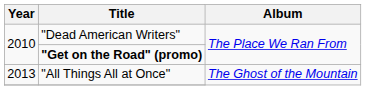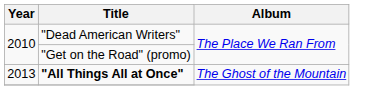 <table class="wikitable">
 <tr>
 <th>Year</th>
 <th>Title</th>
 <th>Album</th>
 </tr>
 <tr>
 <td rowspan="2">2010</td>
 <td>"Dead American Writers"</td>
 <td rowspan="2"><em><a href='#'>The Place We Ran From</a></em></td>
 </tr>
 <tr>
-<td><strong>"Get on the Road" (promo)</strong></td>
+<td>"Get on the Road" (promo)</td>
 </tr>
 <tr>
 <td>2013</td>
-<td>"All Things All at Once"</td>
+<td><strong>"All Things All at Once"</strong></td>
 <td rowspan="3"><em><a href='#'>The Ghost of the Mountain</a></em></td>
 </tr>
 <tr>
 </tr>
 </table>
